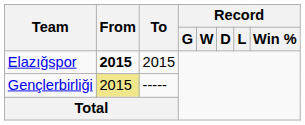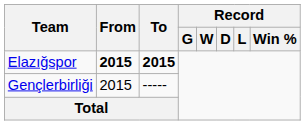 <table class="wikitable" style="text-align: center">
 <tr>
 <th rowspan="2">Team</th>
 <th rowspan="2">From</th>
 <th rowspan="2">To</th>
 <th colspan="5">Record</th>
 </tr>
 <tr>
 <th>G</th>
 <th>W</th>
 <th>D</th>
 <th>L</th>
 <th>Win %</th>
 </tr>
 <tr>
 <td align=left><a href='#'>Elazığspor</a></td>
 <td align=left><strong>2015</strong></td>
-<td align=left>2015<br></td>
+<td align=left><strong>2015<br></strong></td>
 </tr>
 <tr>
 <td align=left><a href='#'>Gençlerbirliği</a></td>
-<td align=left style="background: khaki;">2015</td>
+<td align=left>2015</td>
 <td align=left>-----<br></td>
 </tr>
 <tr>
 <th colspan="3">Total<br></th>
 </tr>
 </table>
